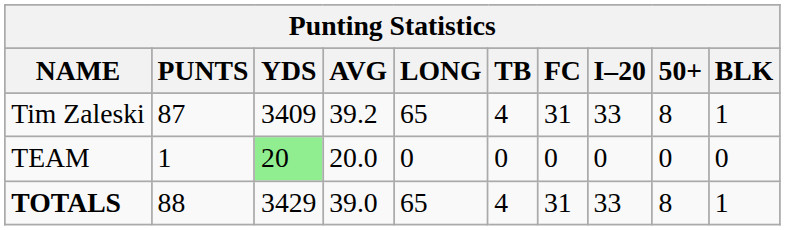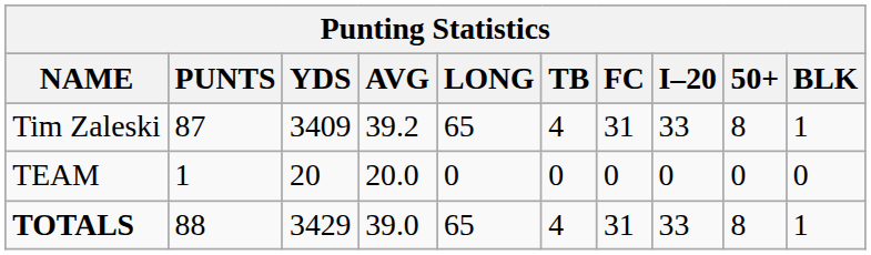 <table class="wikitable sortable collapsible collapsed">
 <tr>
 <th colspan="12">Punting Statistics</th>
 </tr>
 <tr>
 <th>NAME</th>
 <th>PUNTS</th>
 <th>YDS</th>
 <th>AVG</th>
 <th>LONG</th>
 <th>TB</th>
 <th>FC</th>
 <th>I–20</th>
 <th>50+</th>
 <th>BLK</th>
 </tr>
 <tr>
 <td>Tim Zaleski</td>
 <td>87</td>
 <td>3409</td>
 <td>39.2</td>
 <td>65</td>
 <td>4</td>
 <td>31</td>
 <td>33</td>
 <td>8</td>
 <td>1</td>
 </tr>
 <tr>
 <td>TEAM</td>
 <td>1</td>
-<td style="background: lightgreen;">20</td>
+<td>20</td>
 <td>20.0</td>
 <td>0</td>
 <td>0</td>
 <td>0</td>
 <td>0</td>
 <td>0</td>
 <td>0</td>
 </tr>
 <tr>
 <td><strong>TOTALS</strong></td>
 <td>88</td>
 <td>3429</td>
 <td>39.0</td>
 <td>65</td>
 <td>4</td>
 <td>31</td>
 <td>33</td>
 <td>8</td>
 <td>1</td>
 </tr>
 </table>
